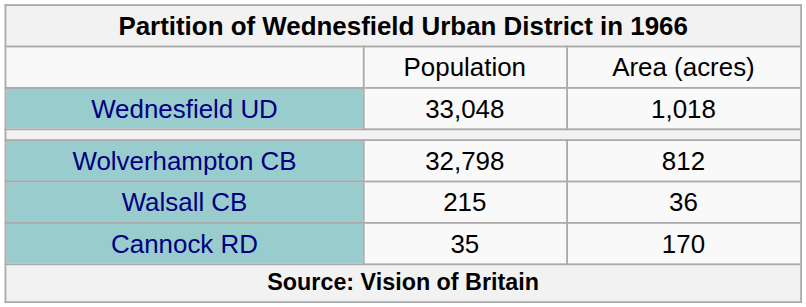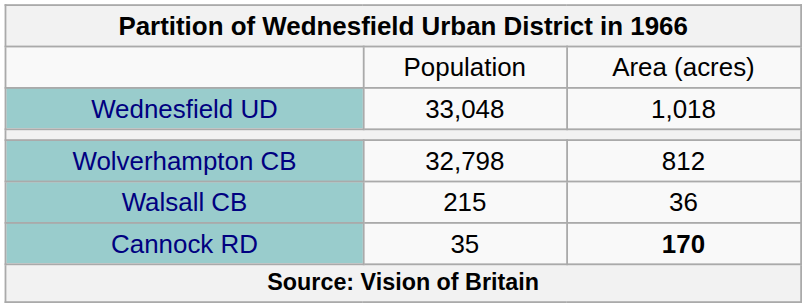 <table class="wikitable" id="toc" style="float: right; margin-left: 1em; width: 35%; font-size: 90%; text-align:center" cellspacing="5">
 <tr>
 <th colspan="3"><strong>Partition of Wednesfield Urban District in 1966</strong></th>
 </tr>
 <tr>
 <td></td>
 <td>Population</td>
 <td>Area (acres)</td>
 </tr>
 <tr>
 <td style="background: #99CCCC; color: #000080">Wednesfield UD</td>
 <td>33,048</td>
 <td>1,018</td>
 </tr>
 <tr>
 <th colspan="3"></th>
 </tr>
 <tr>
 <td style="background: #99CCCC; color: #000080">Wolverhampton CB</td>
 <td>32,798</td>
 <td>812</td>
 </tr>
 <tr>
 <td style="background: #99CCCC; color: #000080">Walsall CB</td>
 <td>215</td>
 <td>36</td>
 </tr>
 <tr>
 <td style="background: #99CCCC; color: #000080">Cannock RD</td>
 <td>35</td>
-<td>170</td>
+<td><strong>170</strong></td>
 </tr>
 <tr>
 <th colspan="3" style="font-size:90%;">Source: Vision of Britain</th>
 </tr>
 </table>
